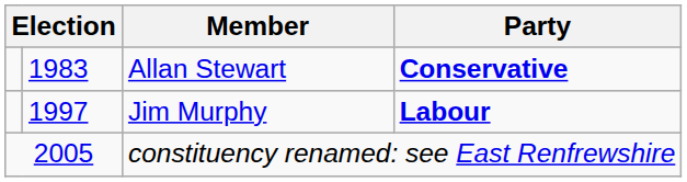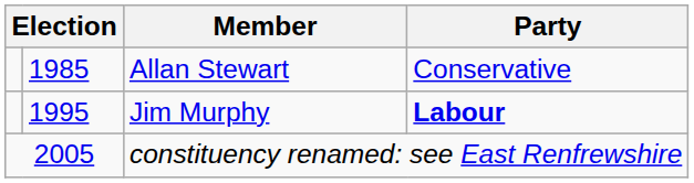 <table class="wikitable">
 <tr>
 <th colspan="2">Election</th>
 <th>Member</th>
 <th>Party</th>
 </tr>
 <tr>
 <td style="color:inherit;background-color: "></td>
-<td><a href='#'>1983</a></td>
+<td><a href='#'>1985</a></td>
 <td><a href='#'>Allan Stewart</a></td>
-<td><strong><a href='#'>Conservative</a></strong></td>
+<td><a href='#'>Conservative</a></td>
 </tr>
 <tr>
 <td style="color:inherit;background-color: "></td>
-<td><a href='#'>1997</a></td>
+<td><a href='#'>1995</a></td>
 <td><a href='#'>Jim Murphy</a></td>
 <td><strong><a href='#'>Labour</a></strong></td>
 </tr>
 <tr>
 <td colspan="2" align="center"><a href='#'>2005</a></td>
 <td colspan="2"><em>constituency renamed: see <a href='#'>East Renfrewshire</a></em></td>
 </tr>
 </table>
